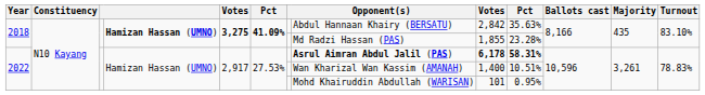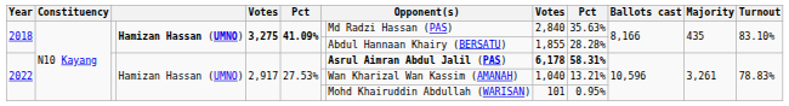 <table class="wikitable" style="margin:0.5em ; font-size:95%">
 <tr>
 <th>Year</th>
 <th>Constituency</th>
 <th colspan=2></th>
 <th>Votes</th>
 <th>Pct</th>
 <th colspan=2>Opponent(s)</th>
 <th>Votes</th>
 <th>Pct</th>
 <th>Ballots cast</th>
 <th>Majority</th>
 <th>Turnout</th>
 </tr>
 <tr>
 <td rowspan=2><a href='#'>2018</a></td>
 <td rowspan=5>N10 <a href='#'>Kayang</a></td>
 <td rowspan=2 ></td>
 <td rowspan=2><strong>Hamizan Hassan</strong> (<a href='#'><strong>UMNO</strong></a>)</td>
 <td rowspan=2 align="right"><strong>3,275</strong></td>
 <td rowspan=2 align="right"><strong>41.09%</strong></td>
 <td></td>
-<td>Abdul Hannaan Khairy (<a href='#'>BERSATU</a>)</td>
-<td align="right">2,842</td>
+<td>Md Radzi Hassan (<a href='#'>PAS</a>)</td>
+<td align="right">2,840</td>
 <td align="right">35.63%</td>
 <td rowspan=2>8,166</td>
 <td rowspan=2>435</td>
 <td rowspan=2>83.10%</td>
 </tr>
 <tr>
 <td></td>
-<td>Md Radzi Hassan (<a href='#'>PAS</a>)</td>
+<td>Abdul Hannaan Khairy (<a href='#'>BERSATU</a>)</td>
 <td align="right">1,855</td>
-<td align="right">23.28%</td>
+<td align="right">28.28%</td>
 </tr>
 <tr>
 <td rowspan=3><a href='#'>2022</a></td>
 <td rowspan=3 ></td>
 <td rowspan=3>Hamizan Hassan (<a href='#'>UMNO</a>)</td>
 <td rowspan=3 align="right">2,917</td>
 <td rowspan=3 align="right">27.53%</td>
 <td></td>
 <td><strong>Asrul Aimran Abdul Jalil</strong> (<a href='#'><strong>PAS</strong></a>)</td>
 <td align="right"><strong>6,178</strong></td>
 <td align="right"><strong>58.31%</strong></td>
 <td rowspan=3>10,596</td>
 <td rowspan=3>3,261</td>
 <td rowspan=3>78.83%</td>
 </tr>
 <tr>
 <td></td>
 <td>Wan Kharizal Wan Kassim (<a href='#'>AMANAH</a>)</td>
-<td align="right">1,400</td>
-<td align="right">10.51%</td>
+<td align="right">1,040</td>
+<td align="right">13.21%</td>
 </tr>
 <tr>
 <td></td>
 <td>Mohd Khairuddin Abdullah (<a href='#'>WARISAN</a>)</td>
 <td align="right">101</td>
 <td align="right">0.95%</td>
 </tr>
 </table>
